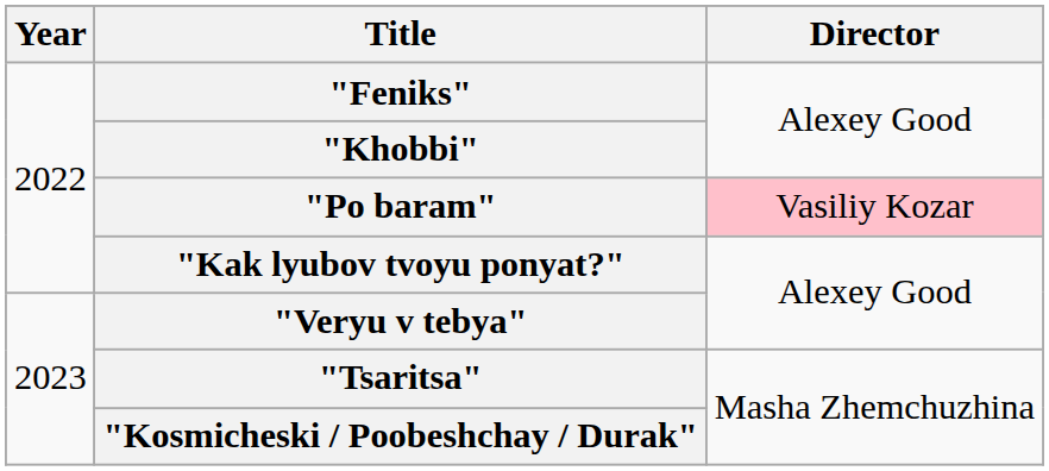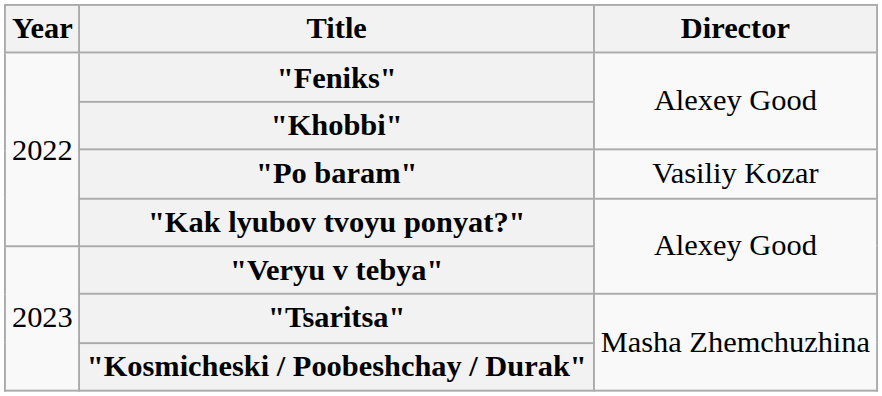 <table class="wikitable plainrowheaders" style="text-align:center;" border="1">
 <tr>
 <th scope="col">Year</th>
 <th scope="col">Title</th>
 <th scope="col">Director</th>
 </tr>
 <tr>
 <td rowspan="4">2022</td>
 <th scope="row">"Feniks"</th>
 <td rowspan="2">Alexey Good</td>
 </tr>
 <tr>
 <th scope="row">"Khobbi"</th>
 </tr>
 <tr>
 <th scope="row">"Po baram"</th>
-<td style="background: pink;">Vasiliy Kozar</td>
+<td>Vasiliy Kozar</td>
 </tr>
 <tr>
 <th scope="row">"Kak lyubov tvoyu ponyat?"<br></th>
 <td rowspan="2">Alexey Good</td>
 </tr>
 <tr>
 <td rowspan="3">2023</td>
 <th scope="row">"Veryu v tebya"</th>
 </tr>
 <tr>
 <th scope="row">"Tsaritsa"</th>
 <td rowspan="2">Masha Zhemchuzhina</td>
 </tr>
 <tr>
 <th scope="row">"Kosmicheski / Poobeshchay / Durak"</th>
 </tr>
 </table>
